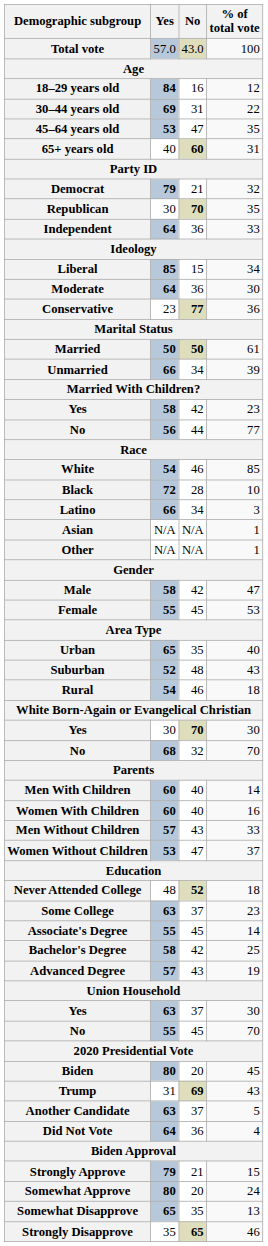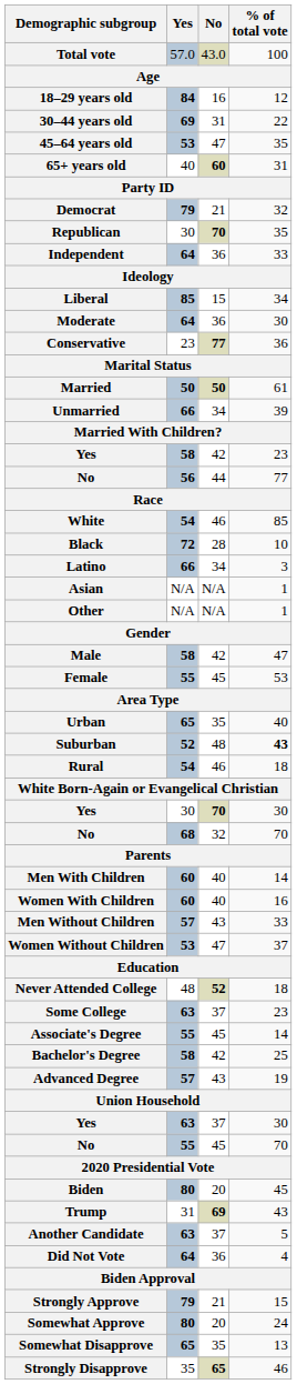 <table class="wikitable sortable" style="text-align:right">
 <tr>
 <th scope="col">Demographic subgroup</th>
 <th background:#B6C8D9>Yes</th>
 <th background:#DEDEBD>No</th>
 <th>% of<br>total vote</th>
 </tr>
 <tr>
 <th scope="row">Total vote</th>
 <td style="background:#B6C8D9;">57.0</td>
 <td style="background:#DEDEBD;">43.0</td>
 <td>100</td>
 </tr>
 <tr>
 <th colspan=5>Age</th>
 </tr>
 <tr>
 <th scope="row">18–29 years old</th>
 <td style="background:#B6C8D9;"><strong>84</strong></td>
 <td style="background:#FFFFFF ;">16</td>
 <td>12</td>
 </tr>
 <tr>
 <th scope="row">30–44 years old</th>
 <td style="background:#B6C8D9;"><strong>69</strong></td>
 <td style="background:#FFFFFF ;">31</td>
 <td>22</td>
 </tr>
 <tr>
 <th scope="row">45–64 years old</th>
 <td style="background:#B6C8D9;"><strong>53</strong></td>
 <td style="background:#FFFFFF ;">47</td>
 <td>35</td>
 </tr>
 <tr>
 <th scope="row">65+ years old</th>
 <td style="background:#FFFFFF ;">40</td>
 <td style="background:#DEDEBD;"><strong>60</strong></td>
 <td>31</td>
 </tr>
 <tr>
 <th colspan=5>Party ID</th>
 </tr>
 <tr>
 <th scope="row">Democrat</th>
 <td style="background:#B6C8D9;"><strong>79</strong></td>
 <td style="background:#FFFFFF ;">21</td>
 <td>32</td>
 </tr>
 <tr>
 <th scope="row">Republican</th>
 <td style="background:#FFFFFF ;">30</td>
 <td style="background:#DEDEBD;"><strong>70</strong></td>
 <td>35</td>
 </tr>
 <tr>
 <th scope="row">Independent</th>
 <td style="background:#B6C8D9;"><strong>64</strong></td>
 <td style="background:#FFFFFF ;">36</td>
 <td>33</td>
 </tr>
 <tr>
 <th colspan=5>Ideology</th>
 </tr>
 <tr>
 <th scope="row">Liberal</th>
 <td style="background:#B6C8D9;"><strong>85</strong></td>
 <td style="background:#FFFFFF ;">15</td>
 <td>34</td>
 </tr>
 <tr>
 <th scope="row">Moderate</th>
 <td style="background:#B6C8D9;"><strong>64</strong></td>
 <td style="background:#FFFFFF ;">36</td>
 <td>30</td>
 </tr>
 <tr>
 <th scope="row">Conservative</th>
 <td style="background:#FFFFFF ;">23</td>
 <td style="background:#DEDEBD;"><strong>77</strong></td>
 <td>36</td>
 </tr>
 <tr>
 <th colspan=5>Marital Status</th>
 </tr>
 <tr>
 <th scope="row">Married</th>
 <td style="background:#B6C8D9;"><strong>50</strong></td>
 <td style="background:#DEDEBD;"><strong>50</strong></td>
 <td>61</td>
 </tr>
 <tr>
 <th scope="row">Unmarried</th>
 <td style="background:#B6C8D9;"><strong>66</strong></td>
 <td style="background:#FFFFFF ;">34</td>
 <td>39</td>
 </tr>
 <tr>
 <th colspan=5>Married With Children?</th>
 </tr>
 <tr>
 <th scope="row">Yes</th>
 <td style="background:#B6C8D9;"><strong>58</strong></td>
 <td style="background:#FFFFFF ;">42</td>
 <td>23</td>
 </tr>
 <tr>
 <th scope="row">No</th>
 <td style="background:#B6C8D9;"><strong>56</strong></td>
 <td style="background:#FFFFFF ;">44</td>
 <td>77</td>
 </tr>
 <tr>
 <th colspan=5>Race</th>
 </tr>
 <tr>
 <th scope="row">White</th>
 <td style="background:#B6C8D9;"><strong>54</strong></td>
 <td style="background:#FFFFFF ;">46</td>
 <td>85</td>
 </tr>
 <tr>
 <th scope="row">Black</th>
 <td style="background:#B6C8D9;"><strong>72</strong></td>
 <td style="background:#FFFFFF ;">28</td>
 <td>10</td>
 </tr>
 <tr>
 <th scope="row">Latino</th>
 <td style="background:#B6C8D9 ;"><strong>66</strong></td>
 <td style="background:#FFFFFF ;">34</td>
 <td>3</td>
 </tr>
 <tr>
 <th scope="row">Asian</th>
 <td style="background:#FFFFFF ;">N/A</td>
 <td style="background:#FFFFFF ;">N/A</td>
 <td>1</td>
 </tr>
 <tr>
 <th scope="row">Other</th>
 <td style="background:#FFFFFF ;">N/A</td>
 <td style="background:#FFFFFF ;">N/A</td>
 <td>1</td>
 </tr>
 <tr>
 <th colspan=5>Gender</th>
 </tr>
 <tr>
 <th scope="row">Male</th>
 <td style="background:#B6C8D9;"><strong>58</strong></td>
 <td style="background:#FFFFFF ;">42</td>
 <td>47</td>
 </tr>
 <tr>
 <th scope="row">Female</th>
 <td style="background:#B6C8D9;"><strong>55</strong></td>
 <td style="background:#FFFFFF ;">45</td>
 <td>53</td>
 </tr>
 <tr>
 <th colspan=5>Area Type</th>
 </tr>
 <tr>
 <th scope="row">Urban</th>
 <td style="background:#B6C8D9;"><strong>65</strong></td>
 <td style="background:#FFFFFF ;">35</td>
 <td>40</td>
 </tr>
 <tr>
 <th scope="row">Suburban</th>
 <td style="background:#B6C8D9;"><strong>52</strong></td>
 <td style="background:#FFFFFF ;">48</td>
-<td>43</td>
+<td><strong>43</strong></td>
 </tr>
 <tr>
 <th scope="row">Rural</th>
 <td style="background:#B6C8D9 ;"><strong>54</strong></td>
 <td style="background:#FFFFFF;">46</td>
 <td>18</td>
 </tr>
 <tr>
 <th colspan=5>White Born-Again or Evangelical Christian</th>
 </tr>
 <tr>
 <th scope="row">Yes</th>
 <td style="background:#FFFFFF ;">30</td>
 <td style="background:#DEDEBD;"><strong>70</strong></td>
 <td>30</td>
 </tr>
 <tr>
 <th scope="row">No</th>
 <td style="background:#B6C8D9;"><strong>68</strong></td>
 <td style="background:#FFFFFF ;">32</td>
 <td>70</td>
 </tr>
 <tr>
 <th colspan=5>Parents</th>
 </tr>
 <tr>
 <th scope="row">Men With Children</th>
 <td style="background:#B6C8D9;"><strong>60</strong></td>
 <td style="background:#FFFFFF ;">40</td>
 <td>14</td>
 </tr>
 <tr>
 <th scope="row">Women With Children</th>
 <td style="background:#B6C8D9;"><strong>60</strong></td>
 <td style="background:#FFFFFF ;">40</td>
 <td>16</td>
 </tr>
 <tr>
 <th scope="row">Men Without Children</th>
 <td style="background:#B6C8D9;"><strong>57</strong></td>
 <td style="background:#FFFFFF;">43</td>
 <td>33</td>
 </tr>
 <tr>
 <th scope="row">Women Without Children</th>
 <td style="background:#B6C8D9;"><strong>53</strong></td>
 <td style="background:#FFFFFF;">47</td>
 <td>37</td>
 </tr>
 <tr>
 <th colspan=5>Education</th>
 </tr>
 <tr>
 <th scope="row">Never Attended College</th>
 <td style="background:#FFFFFF ;">48</td>
 <td style="background:#DEDEBD;"><strong>52</strong></td>
 <td>18</td>
 </tr>
 <tr>
 <th scope="row">Some College</th>
 <td style="background:#B6C8D9;"><strong>63</strong></td>
 <td style="background:#FFFFFF ;">37</td>
 <td>23</td>
 </tr>
 <tr>
 <th scope="row">Associate's Degree</th>
 <td style="background:#B6C8D9;"><strong>55</strong></td>
 <td style="background:#FFFFFF;">45</td>
 <td>14</td>
 </tr>
 <tr>
 <th scope="row">Bachelor's Degree</th>
 <td style="background:#B6C8D9;"><strong>58</strong></td>
 <td style="background:#FFFFFF;">42</td>
 <td>25</td>
 </tr>
 <tr>
 <th scope="row">Advanced Degree</th>
 <td style="background:#B6C8D9;"><strong>57</strong></td>
 <td style="background:#FFFFFF;">43</td>
 <td>19</td>
 </tr>
 <tr>
 <th colspan=5>Union Household</th>
 </tr>
 <tr>
 <th scope="row">Yes</th>
 <td style="background:#B6C8D9;"><strong>63</strong></td>
 <td style="background:#FFFFFF ;">37</td>
 <td>30</td>
 </tr>
 <tr>
 <th scope="row">No</th>
 <td style="background:#B6C8D9;"><strong>55</strong></td>
 <td style="background:#FFFFFF ;">45</td>
 <td>70</td>
 </tr>
 <tr>
 <th colspan=5>2020 Presidential Vote</th>
 </tr>
 <tr>
 <th scope="row">Biden</th>
 <td style="background:#B6C8D9;"><strong>80</strong></td>
 <td style="background:#FFFFFF ;">20</td>
 <td>45</td>
 </tr>
 <tr>
 <th scope="row">Trump</th>
 <td style="background:#FFFFFF ;">31</td>
 <td style="background:#DEDEBD;"><strong>69</strong></td>
 <td>43</td>
 </tr>
 <tr>
 <th scope="row">Another Candidate</th>
 <td style="background:#B6C8D9;"><strong>63</strong></td>
 <td style="background:#FFFFFF ;">37</td>
 <td>5</td>
 </tr>
 <tr>
 <th scope="row">Did Not Vote</th>
 <td style="background:#B6C8D9;"><strong>64</strong></td>
 <td style="background:#FFFFFF ;">36</td>
 <td>4</td>
 </tr>
 <tr>
 <th colspan=5>Biden Approval</th>
 </tr>
 <tr>
 <th scope="row">Strongly Approve</th>
 <td style="background:#B6C8D9;"><strong>79</strong></td>
 <td style="background:#FFFFFF ;">21</td>
 <td>15</td>
 </tr>
 <tr>
 <th scope="row">Somewhat Approve</th>
 <td style="background:#B6C8D9;"><strong>80</strong></td>
 <td style="background:#FFFFFF ;">20</td>
 <td>24</td>
 </tr>
 <tr>
 <th scope="row">Somewhat Disapprove</th>
 <td style="background:#B6C8D9;"><strong>65</strong></td>
 <td style="background:#FFFFFF ;">35</td>
 <td>13</td>
 </tr>
 <tr>
 <th scope="row">Strongly Disapprove</th>
 <td style="background:#FFFFFF ;">35</td>
 <td style="background:#DEDEBD;"><strong>65</strong></td>
 <td>46</td>
 </tr>
 </table>
